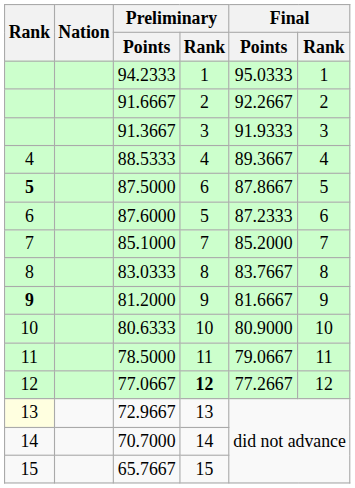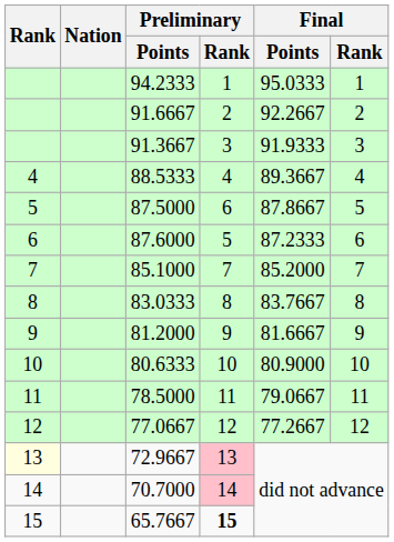 <table class="wikitable sortable" style="text-align:center">
 <tr>
 <th rowspan=2>Rank</th>
 <th rowspan=2>Nation</th>
 <th colspan=2>Preliminary</th>
 <th colspan=2>Final</th>
 </tr>
 <tr>
 <th>Points</th>
 <th>Rank</th>
 <th>Points</th>
 <th>Rank</th>
 </tr>
 <tr bgcolor=ccffcc>
 <td></td>
 <td align=left></td>
 <td>94.2333</td>
 <td>1</td>
 <td>95.0333</td>
 <td>1</td>
 </tr>
 <tr bgcolor=ccffcc>
 <td></td>
 <td align=left></td>
 <td>91.6667</td>
 <td>2</td>
 <td>92.2667</td>
 <td>2</td>
 </tr>
 <tr bgcolor=ccffcc>
 <td></td>
 <td align=left></td>
 <td>91.3667</td>
 <td>3</td>
 <td>91.9333</td>
 <td>3</td>
 </tr>
 <tr bgcolor=ccffcc>
 <td>4</td>
 <td align=left></td>
 <td>88.5333</td>
 <td>4</td>
 <td>89.3667</td>
 <td>4</td>
 </tr>
 <tr bgcolor=ccffcc>
-<td><strong>5</strong></td>
+<td>5</td>
 <td align=left></td>
 <td>87.5000</td>
 <td>6</td>
 <td>87.8667</td>
 <td>5</td>
 </tr>
 <tr bgcolor=ccffcc>
 <td>6</td>
 <td align=left></td>
 <td>87.6000</td>
 <td>5</td>
 <td>87.2333</td>
 <td>6</td>
 </tr>
 <tr bgcolor=ccffcc>
 <td>7</td>
 <td align=left></td>
 <td>85.1000</td>
 <td>7</td>
 <td>85.2000</td>
 <td>7</td>
 </tr>
 <tr bgcolor=ccffcc>
 <td>8</td>
 <td align=left></td>
 <td>83.0333</td>
 <td>8</td>
 <td>83.7667</td>
 <td>8</td>
 </tr>
 <tr bgcolor=ccffcc>
-<td><strong>9</strong></td>
+<td>9</td>
 <td align=left></td>
 <td>81.2000</td>
 <td>9</td>
 <td>81.6667</td>
 <td>9</td>
 </tr>
 <tr bgcolor=ccffcc>
 <td>10</td>
 <td align=left></td>
 <td>80.6333</td>
 <td>10</td>
 <td>80.9000</td>
 <td>10</td>
 </tr>
 <tr bgcolor=ccffcc>
 <td>11</td>
 <td align=left></td>
 <td>78.5000</td>
 <td>11</td>
 <td>79.0667</td>
 <td>11</td>
 </tr>
 <tr bgcolor=ccffcc>
 <td>12</td>
 <td align=left></td>
 <td>77.0667</td>
-<td><strong>12</strong></td>
+<td>12</td>
 <td>77.2667</td>
 <td>12</td>
 </tr>
 <tr>
 <td style="background: lightyellow;">13</td>
 <td align=left></td>
 <td>72.9667</td>
-<td>13</td>
+<td style="background: pink;">13</td>
 <td colspan=2 rowspan=3>did not advance</td>
 </tr>
 <tr>
 <td>14</td>
 <td align=left></td>
 <td>70.7000</td>
-<td>14</td>
+<td style="background: pink;">14</td>
 </tr>
 <tr>
 <td>15</td>
 <td align=left></td>
 <td>65.7667</td>
-<td>15</td>
+<td><strong>15</strong></td>
 </tr>
 </table>
